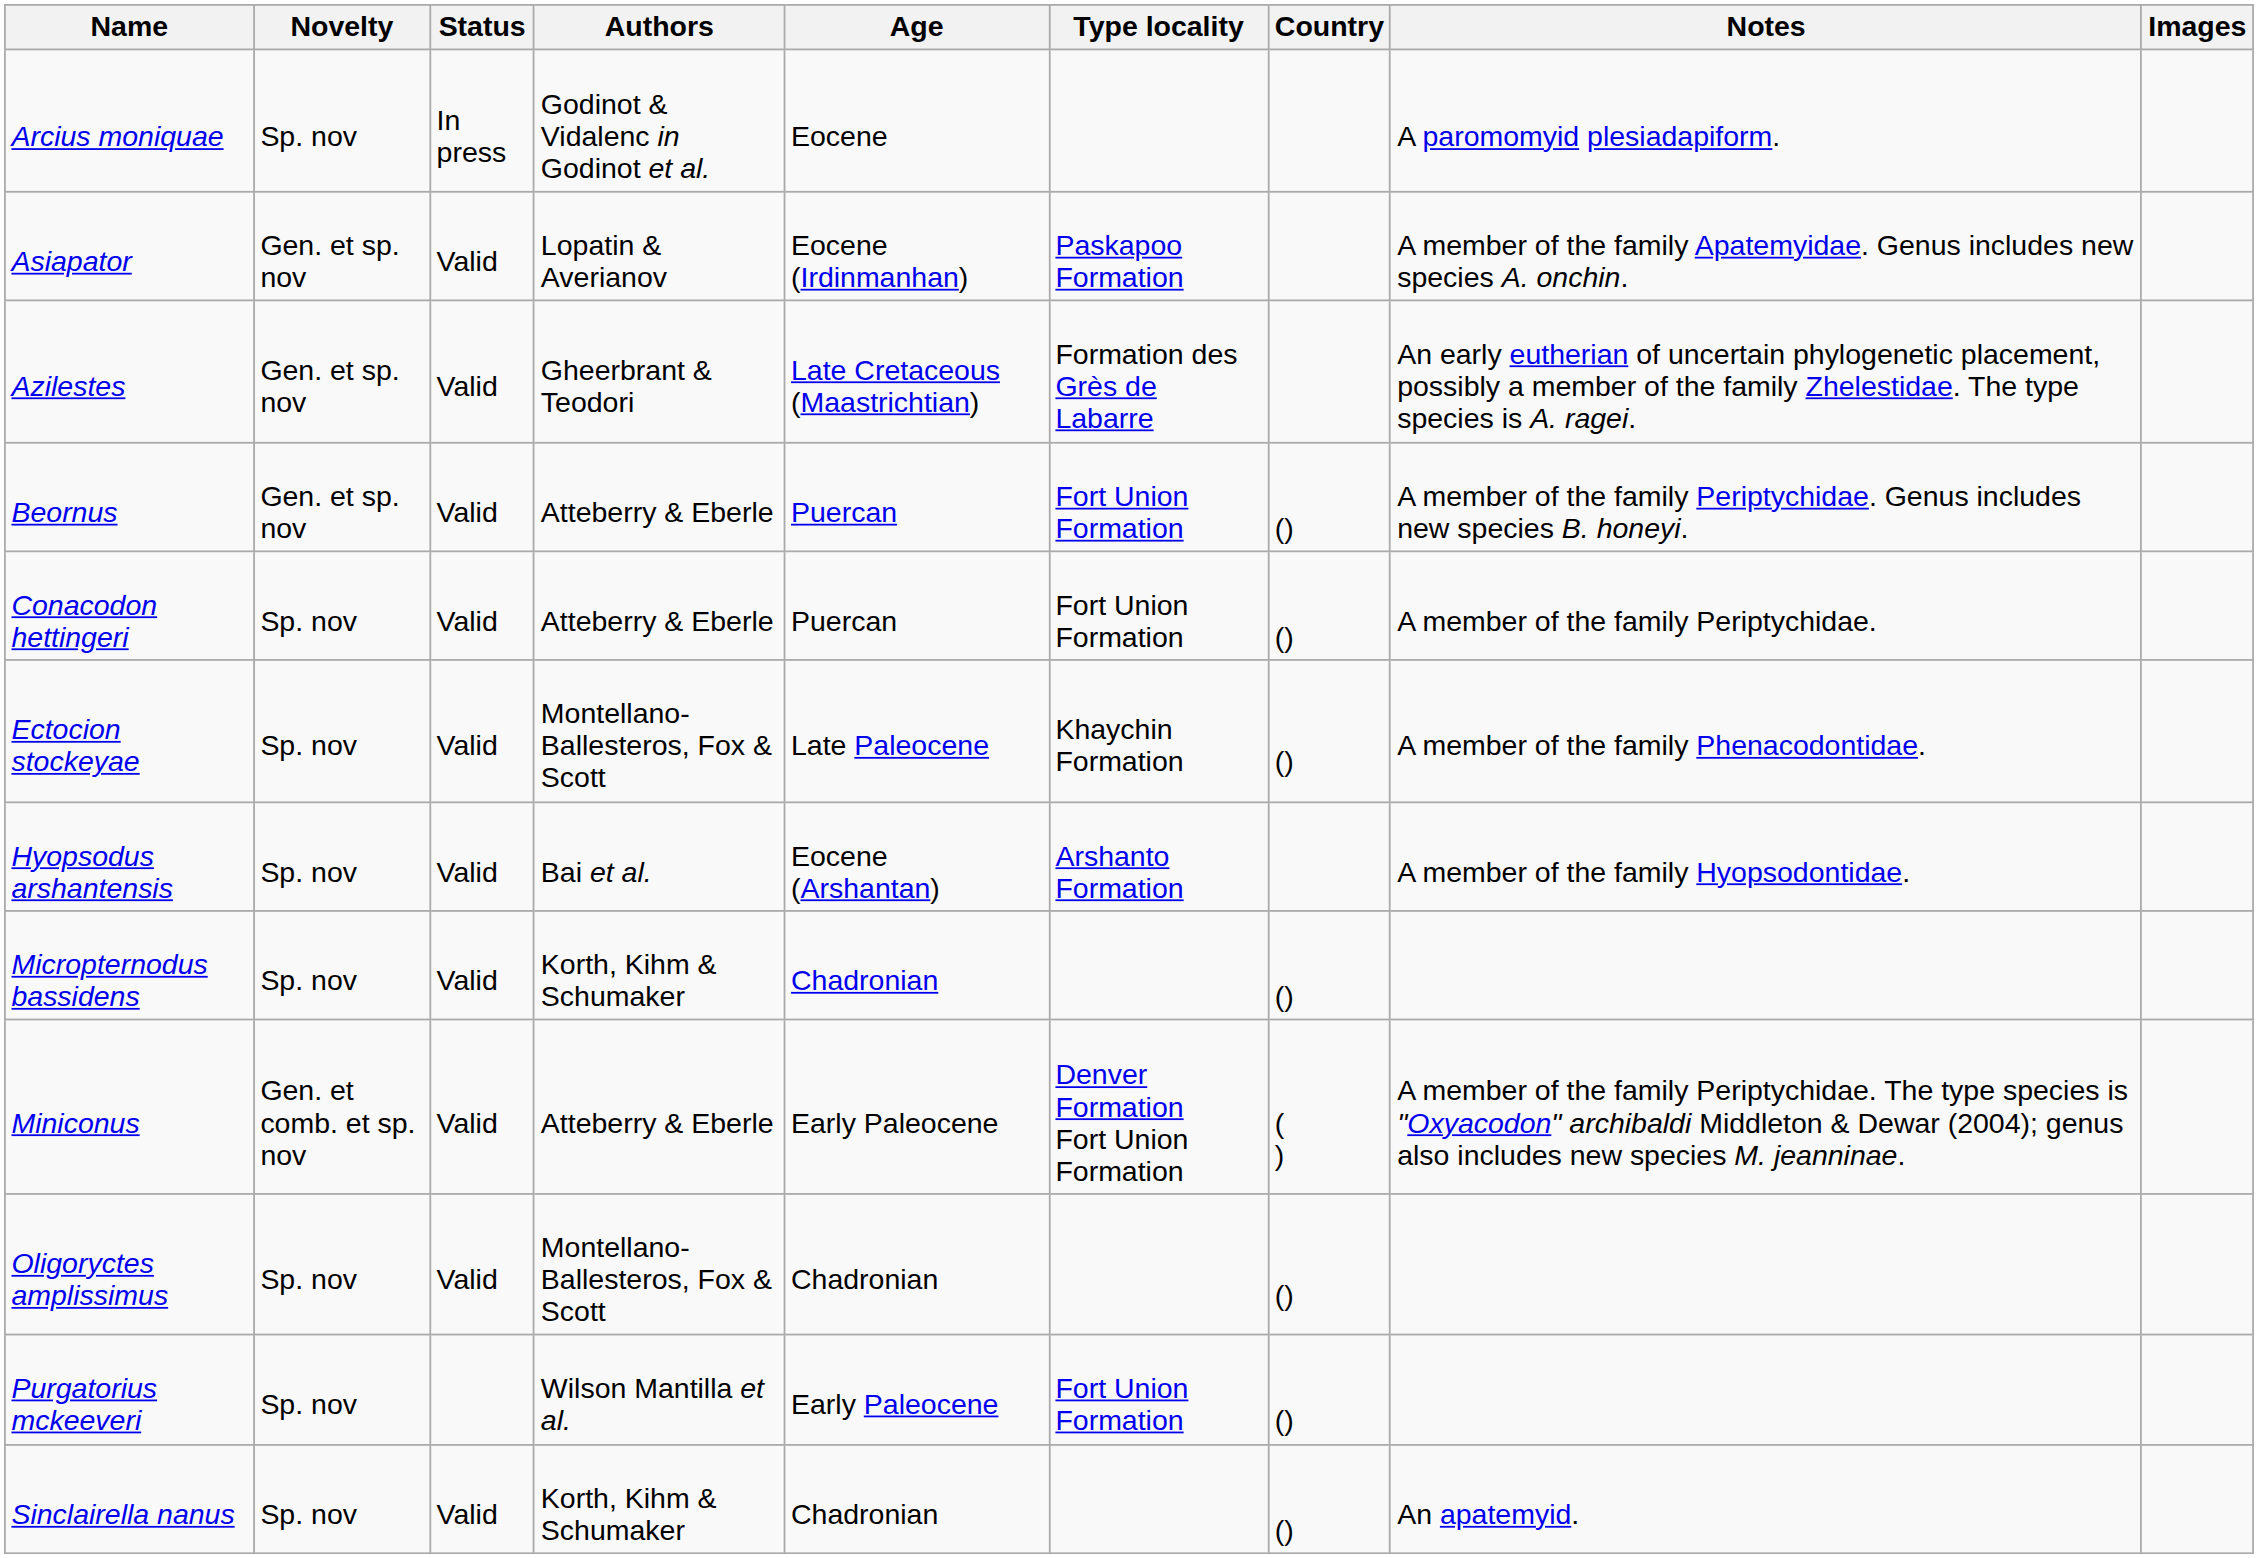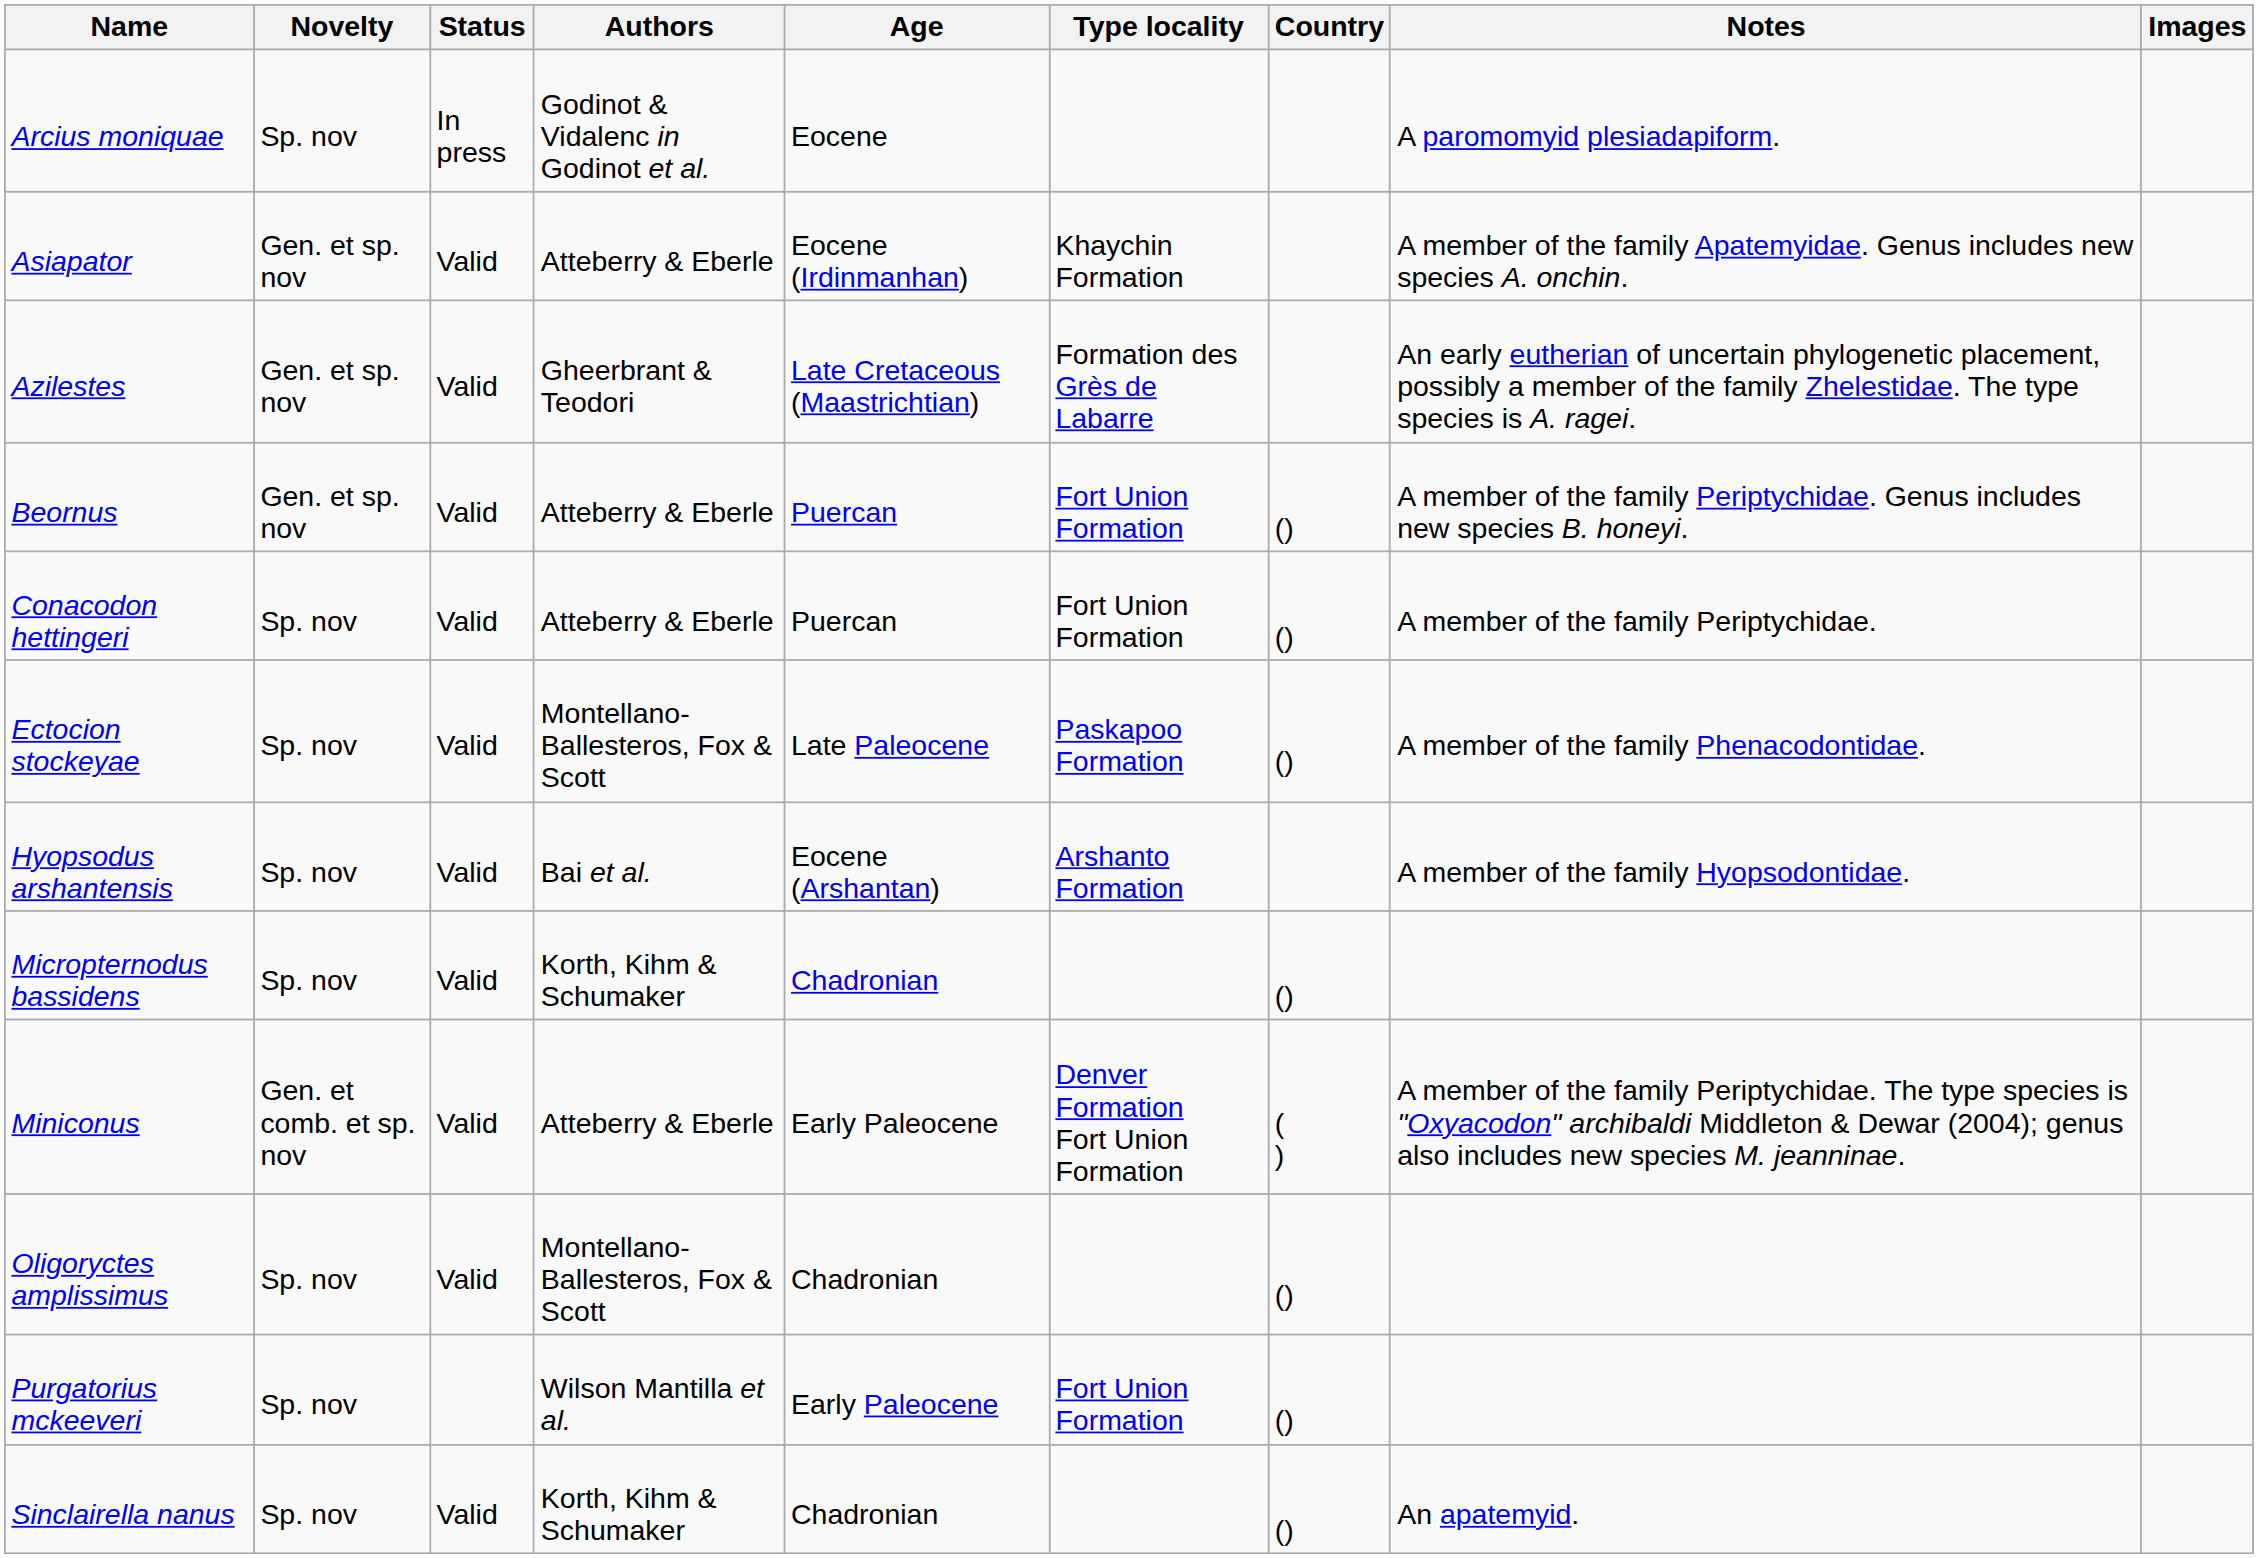 <table class="wikitable sortable" align="center" width="100%">
 <tr>
 <th>Name</th>
 <th>Novelty</th>
 <th>Status</th>
 <th>Authors</th>
 <th>Age</th>
 <th>Type locality</th>
 <th>Country</th>
 <th>Notes</th>
 <th>Images</th>
 </tr>
 <tr>
 <td><br><em><a href='#'>Arcius moniquae</a></em></td>
 <td><br>Sp. nov</td>
 <td><br>In press</td>
 <td><br>Godinot & Vidalenc <em>in</em> Godinot <em>et al.</em></td>
 <td><br>Eocene</td>
 <td></td>
 <td><br></td>
 <td><br>A <a href='#'>paromomyid</a> <a href='#'>plesiadapiform</a>.</td>
 <td></td>
 </tr>
 <tr>
 <td><br><em><a href='#'>Asiapator</a></em></td>
 <td><br>Gen. et sp. nov</td>
 <td><br>Valid</td>
-<td><br>Lopatin & Averianov</td>
+<td><br>Atteberry & Eberle</td>
 <td><br>Eocene (<a href='#'>Irdinmanhan</a>)</td>
-<td><br><a href='#'>Paskapoo Formation</a></td>
+<td><br>Khaychin Formation</td>
 <td><br></td>
 <td><br>A member of the family <a href='#'>Apatemyidae</a>. Genus includes new species <em>A. onchin</em>.</td>
 <td></td>
 </tr>
 <tr>
 <td><br><em><a href='#'>Azilestes</a></em></td>
 <td><br>Gen. et sp. nov</td>
 <td><br>Valid</td>
 <td><br>Gheerbrant & Teodori</td>
 <td><br><a href='#'>Late Cretaceous</a> (<a href='#'>Maastrichtian</a>)</td>
 <td><br>Formation des <a href='#'>Grès de Labarre</a></td>
 <td><br></td>
 <td><br>An early <a href='#'>eutherian</a> of uncertain phylogenetic placement, possibly a member of the family <a href='#'>Zhelestidae</a>. The type species is <em>A. ragei</em>.</td>
 <td></td>
 </tr>
 <tr>
 <td><br><em><a href='#'>Beornus</a></em></td>
 <td><br>Gen. et sp. nov</td>
 <td><br>Valid</td>
 <td><br>Atteberry & Eberle</td>
 <td><br><a href='#'>Puercan</a></td>
 <td><br><a href='#'>Fort Union Formation</a></td>
 <td><br><br>()</td>
 <td><br>A member of the family <a href='#'>Periptychidae</a>. Genus includes new species <em>B. honeyi</em>.</td>
 <td></td>
 </tr>
 <tr>
 <td><br><em><a href='#'>Conacodon hettingeri</a></em></td>
 <td><br>Sp. nov</td>
 <td><br>Valid</td>
 <td><br>Atteberry & Eberle</td>
 <td><br>Puercan</td>
 <td><br>Fort Union Formation</td>
 <td><br><br>()</td>
 <td><br>A member of the family Periptychidae.</td>
 <td></td>
 </tr>
 <tr>
 <td><br><em><a href='#'>Ectocion stockeyae</a></em></td>
 <td><br>Sp. nov</td>
 <td><br>Valid</td>
 <td><br>Montellano-Ballesteros, Fox & Scott</td>
 <td><br>Late <a href='#'>Paleocene</a></td>
-<td><br>Khaychin Formation</td>
+<td><br><a href='#'>Paskapoo Formation</a></td>
 <td><br><br>()</td>
 <td><br>A member of the family <a href='#'>Phenacodontidae</a>.</td>
 <td></td>
 </tr>
 <tr>
 <td><br><em><a href='#'>Hyopsodus arshantensis</a></em></td>
 <td><br>Sp. nov</td>
 <td><br>Valid</td>
 <td><br>Bai <em>et al.</em></td>
 <td><br>Eocene (<a href='#'>Arshantan</a>)</td>
 <td><br><a href='#'>Arshanto Formation</a></td>
 <td><br></td>
 <td><br>A member of the family <a href='#'>Hyopsodontidae</a>.</td>
 <td></td>
 </tr>
 <tr>
 <td><br><em><a href='#'>Micropternodus bassidens</a></em></td>
 <td><br>Sp. nov</td>
 <td><br>Valid</td>
 <td><br>Korth, Kihm & Schumaker</td>
 <td><br><a href='#'>Chadronian</a></td>
 <td></td>
 <td><br><br>()</td>
 <td></td>
 <td></td>
 </tr>
 <tr>
 <td><br><em><a href='#'>Miniconus</a></em></td>
 <td><br>Gen. et comb. et sp. nov</td>
 <td><br>Valid</td>
 <td><br>Atteberry & Eberle</td>
 <td><br>Early Paleocene</td>
 <td><br><a href='#'>Denver Formation</a><br> Fort Union Formation</td>
 <td><br><br>(<br>)</td>
 <td><br>A member of the family Periptychidae. The type species is <em>"<a href='#'>Oxyacodon</a>" archibaldi</em> Middleton & Dewar (2004); genus also includes new species <em>M. jeanninae</em>.</td>
 <td></td>
 </tr>
 <tr>
 <td><br><em><a href='#'>Oligoryctes amplissimus</a></em></td>
 <td><br>Sp. nov</td>
 <td><br>Valid</td>
 <td><br>Montellano-Ballesteros, Fox & Scott</td>
 <td><br>Chadronian</td>
 <td></td>
 <td><br><br>()</td>
 <td></td>
 <td></td>
 </tr>
 <tr>
 <td><br><em><a href='#'>Purgatorius mckeeveri</a></em></td>
 <td><br>Sp. nov</td>
 <td></td>
 <td><br>Wilson Mantilla <em>et al.</em></td>
 <td><br>Early <a href='#'>Paleocene</a></td>
 <td><br><a href='#'>Fort Union Formation</a></td>
 <td><br><br>()</td>
 <td></td>
 <td></td>
 </tr>
 <tr>
 <td><br><em><a href='#'>Sinclairella nanus</a></em></td>
 <td><br>Sp. nov</td>
 <td><br>Valid</td>
 <td><br>Korth, Kihm & Schumaker</td>
 <td><br>Chadronian</td>
 <td></td>
 <td><br><br>()</td>
 <td><br>An <a href='#'>apatemyid</a>.</td>
 <td></td>
 </tr>
 <tr>
 </tr>
 </table>
